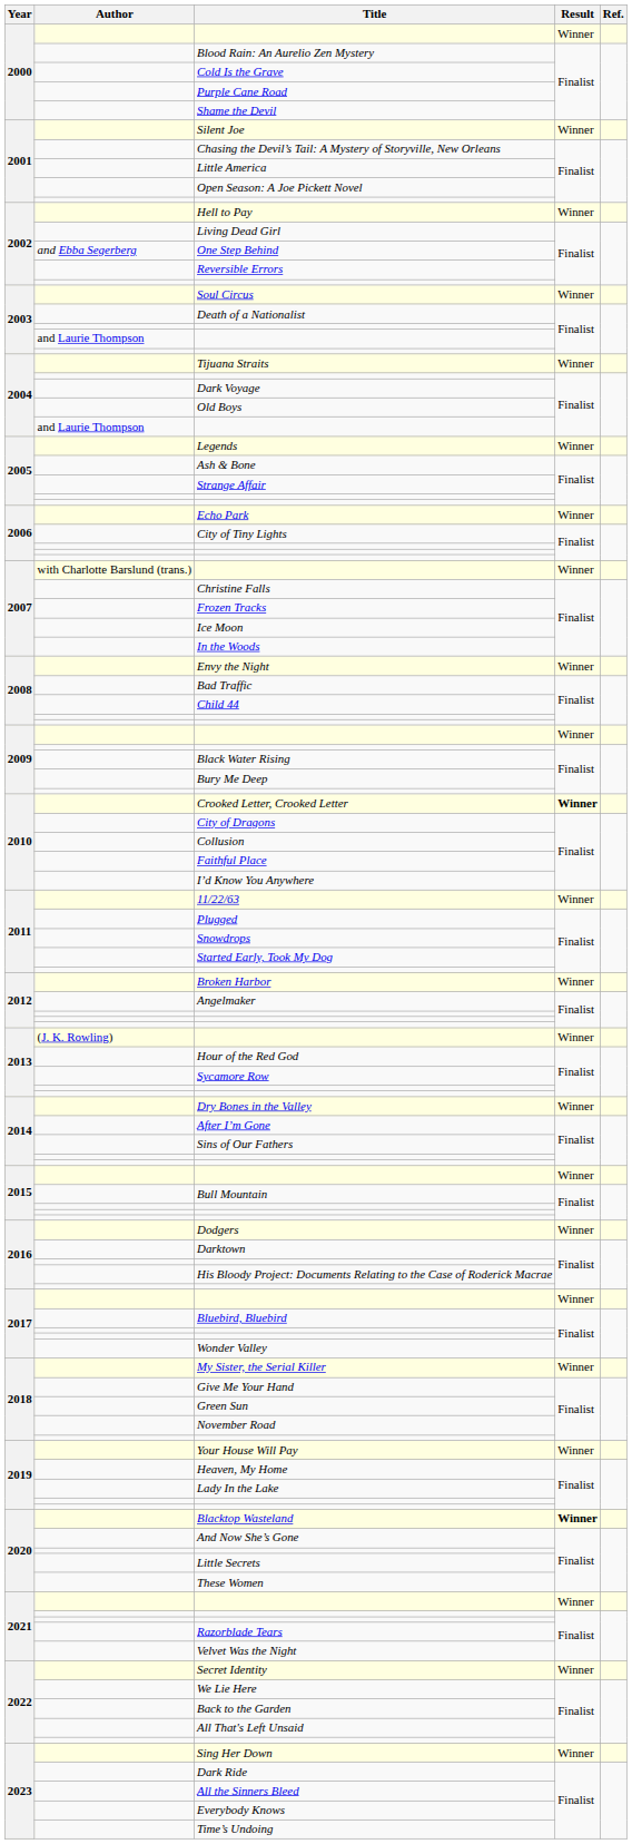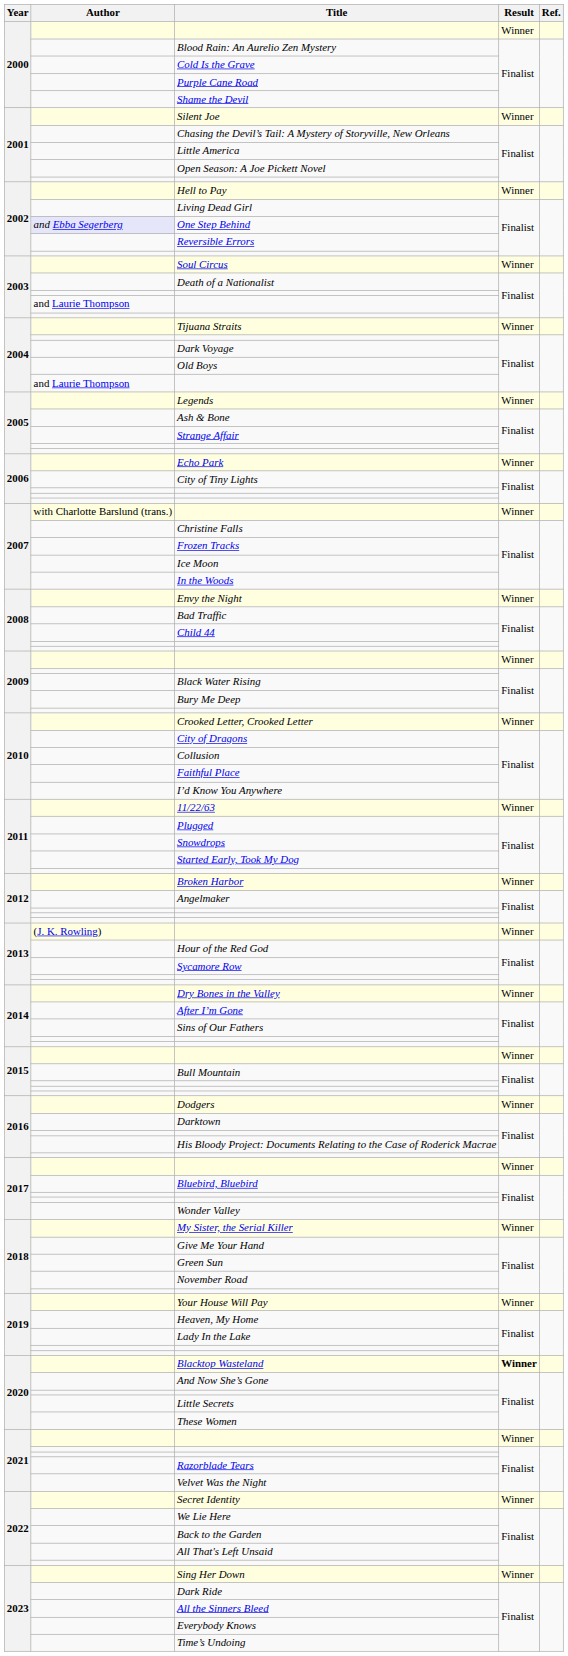 <table class="wikitable sortable mw-collapsible">
 <tr>
 <th>Year</th>
 <th>Author</th>
 <th>Title</th>
 <th>Result</th>
 <th>Ref.</th>
 </tr>
 <tr style="background:lightyellow; color:black">
 <th rowspan="5">2000</th>
 <td></td>
 <td><em></em></td>
 <td>Winner</td>
 <td></td>
 </tr>
 <tr>
 <td></td>
 <td><em>Blood Rain: An Aurelio Zen Mystery</em></td>
 <td rowspan="4">Finalist</td>
 <td rowspan="4"></td>
 </tr>
 <tr>
 <td></td>
 <td><em><a href='#'>Cold Is the Grave</a></em></td>
 </tr>
 <tr>
 <td></td>
 <td><em><a href='#'>Purple Cane Road</a></em></td>
 </tr>
 <tr>
 <td></td>
 <td><em><a href='#'>Shame the Devil</a></em></td>
 </tr>
 <tr style="background:lightyellow; color:black">
 <th rowspan="5">2001</th>
 <td></td>
 <td><em>Silent Joe</em></td>
 <td>Winner</td>
 <td></td>
 </tr>
 <tr>
 <td></td>
 <td><em>Chasing the Devil’s Tail: A Mystery of Storyville, New Orleans</em></td>
 <td rowspan="4">Finalist</td>
 <td rowspan="4"></td>
 </tr>
 <tr>
 <td></td>
 <td><em>Little America</em></td>
 </tr>
 <tr>
 <td></td>
 <td><em>Open Season: A Joe Pickett Novel</em></td>
 </tr>
 <tr>
 <td></td>
 <td><em></em></td>
 </tr>
 <tr style="background:lightyellow; color:black">
 <th rowspan="5">2002</th>
 <td></td>
 <td><em>Hell to Pay</em></td>
 <td>Winner</td>
 <td></td>
 </tr>
 <tr>
 <td></td>
 <td><em>Living Dead Girl</em></td>
 <td rowspan="4">Finalist</td>
 <td rowspan="4"></td>
 </tr>
 <tr>
-<td> <em>and <a href='#'>Ebba Segerberg</a></em></td>
+<td style="background: lavender;"> <em>and <a href='#'>Ebba Segerberg</a></em></td>
 <td><em><a href='#'>One Step Behind</a></em></td>
 </tr>
 <tr>
 <td></td>
 <td><em><a href='#'>Reversible Errors</a></em></td>
 </tr>
 <tr>
 <td></td>
 <td><em></em></td>
 </tr>
 <tr style="background:lightyellow; color:black">
 <th rowspan="5">2003</th>
 <td></td>
 <td><a href='#'><em>Soul Circus</em></a></td>
 <td>Winner</td>
 <td></td>
 </tr>
 <tr>
 <td></td>
 <td><em>Death of a Nationalist</em></td>
 <td rowspan="4">Finalist</td>
 <td rowspan="4"></td>
 </tr>
 <tr>
 <td></td>
 <td><em></em></td>
 </tr>
 <tr>
 <td> and <a href='#'>Laurie Thompson</a></td>
 <td><em></em></td>
 </tr>
 <tr>
 <td></td>
 <td><em></em></td>
 </tr>
 <tr style="background:lightyellow; color:black">
 <th rowspan="5">2004</th>
 <td></td>
 <td><em>Tijuana Straits</em></td>
 <td>Winner</td>
 <td></td>
 </tr>
 <tr>
 <td></td>
 <td><em></em></td>
 <td rowspan="4">Finalist</td>
 <td rowspan="4"></td>
 </tr>
 <tr>
 <td></td>
 <td><em>Dark Voyage</em></td>
 </tr>
 <tr>
 <td></td>
 <td><em>Old Boys</em></td>
 </tr>
 <tr>
 <td> and <a href='#'>Laurie Thompson</a></td>
 <td><em></em></td>
 </tr>
 <tr style="background:lightyellow; color:black">
 <th rowspan="5">2005</th>
 <td></td>
 <td><em>Legends</em></td>
 <td>Winner</td>
 <td></td>
 </tr>
 <tr>
 <td></td>
 <td><em>Ash & Bone</em></td>
 <td rowspan="4">Finalist</td>
 <td rowspan="4"></td>
 </tr>
 <tr>
 <td></td>
 <td><em><a href='#'>Strange Affair</a></em></td>
 </tr>
 <tr>
 <td></td>
 <td><em></em></td>
 </tr>
 <tr>
 <td></td>
 <td><em></em></td>
 </tr>
 <tr style="background:lightyellow; color:black">
 <th rowspan="5">2006</th>
 <td></td>
 <td><a href='#'><em>Echo Park</em></a></td>
 <td>Winner</td>
 <td></td>
 </tr>
 <tr>
 <td></td>
 <td><em>City of Tiny Lights</em></td>
 <td rowspan="4">Finalist</td>
 <td rowspan="4"></td>
 </tr>
 <tr>
 <td></td>
 <td><em></em></td>
 </tr>
 <tr>
 <td></td>
 <td><em></em></td>
 </tr>
 <tr>
 <td></td>
 <td><em></em></td>
 </tr>
 <tr style="background:lightyellow; color:black">
 <th rowspan="5">2007</th>
 <td> with Charlotte Barslund (trans.)</td>
 <td><em></em></td>
 <td>Winner</td>
 <td></td>
 </tr>
 <tr>
 <td></td>
 <td><em>Christine Falls</em></td>
 <td rowspan="4">Finalist</td>
 <td rowspan="4"></td>
 </tr>
 <tr>
 <td></td>
 <td><em><a href='#'>Frozen Tracks</a></em></td>
 </tr>
 <tr>
 <td></td>
 <td><em>Ice Moon</em></td>
 </tr>
 <tr>
 <td></td>
 <td><em><a href='#'>In the Woods</a></em></td>
 </tr>
 <tr style="background:lightyellow; color:black">
 <th rowspan="5">2008</th>
 <td></td>
 <td><em>Envy the Night</em></td>
 <td>Winner</td>
 <td></td>
 </tr>
 <tr>
 <td></td>
 <td><em>Bad Traffic</em></td>
 <td rowspan="4">Finalist</td>
 <td rowspan="4"></td>
 </tr>
 <tr>
 <td></td>
 <td><em><a href='#'>Child 44</a></em></td>
 </tr>
 <tr>
 <td></td>
 <td><em></em></td>
 </tr>
 <tr>
 <td></td>
 <td><em></em></td>
 </tr>
 <tr style="background:lightyellow; color:black">
 <th rowspan="5">2009</th>
 <td></td>
 <td><em></em></td>
 <td>Winner</td>
 <td></td>
 </tr>
 <tr>
 <td></td>
 <td><em></em></td>
 <td rowspan="4">Finalist</td>
 <td rowspan="4"></td>
 </tr>
 <tr>
 <td></td>
 <td><em>Black Water Rising</em></td>
 </tr>
 <tr>
 <td></td>
 <td><em>Bury Me Deep</em></td>
 </tr>
 <tr>
 <td></td>
 <td><em></em></td>
 </tr>
 <tr style="background:lightyellow; color:black">
 <th rowspan="5">2010</th>
 <td></td>
 <td><em>Crooked Letter, Crooked Letter</em></td>
-<td><strong>Winner</strong></td>
+<td>Winner</td>
 <td></td>
 </tr>
 <tr>
 <td></td>
 <td><em><a href='#'>City of Dragons</a></em></td>
 <td rowspan="4">Finalist</td>
 <td rowspan="4"></td>
 </tr>
 <tr>
 <td></td>
 <td><em>Collusion</em></td>
 </tr>
 <tr>
 <td></td>
 <td><em><a href='#'>Faithful Place</a></em></td>
 </tr>
 <tr>
 <td></td>
 <td><em>I’d Know You Anywhere</em></td>
 </tr>
 <tr style="background:lightyellow; color:black">
 <th rowspan="5">2011</th>
 <td></td>
 <td><em><a href='#'>11/22/63</a></em></td>
 <td>Winner</td>
 <td></td>
 </tr>
 <tr>
 <td></td>
 <td><a href='#'><em>Plugged</em></a></td>
 <td rowspan="4">Finalist</td>
 <td rowspan="4"></td>
 </tr>
 <tr>
 <td></td>
 <td><em><a href='#'>Snowdrops</a></em></td>
 </tr>
 <tr>
 <td></td>
 <td><em><a href='#'>Started Early, Took My Dog</a></em></td>
 </tr>
 <tr>
 <td></td>
 <td><em></em></td>
 </tr>
 <tr style="background:lightyellow; color:black">
 <th rowspan="5">2012</th>
 <td></td>
 <td><a href='#'><em>Broken Harbor</em></a></td>
 <td>Winner</td>
 <td></td>
 </tr>
 <tr>
 <td></td>
 <td><em>Angelmaker</em></td>
 <td rowspan="4">Finalist</td>
 <td rowspan="4"></td>
 </tr>
 <tr>
 <td></td>
 <td><em></em></td>
 </tr>
 <tr>
 <td></td>
 <td><em></em></td>
 </tr>
 <tr>
 <td></td>
 <td><em></em></td>
 </tr>
 <tr style="background:lightyellow; color:black">
 <th rowspan="5">2013</th>
 <td> (<a href='#'>J. K. Rowling</a>)</td>
 <td><em></em></td>
 <td>Winner</td>
 <td></td>
 </tr>
 <tr>
 <td></td>
 <td><em>Hour of the Red God</em></td>
 <td rowspan="4">Finalist</td>
 <td rowspan="4"></td>
 </tr>
 <tr>
 <td></td>
 <td><em><a href='#'>Sycamore Row</a></em></td>
 </tr>
 <tr>
 <td></td>
 <td><em></em></td>
 </tr>
 <tr>
 <td></td>
 <td><em></em></td>
 </tr>
 <tr style="background:lightyellow; color:black">
 <th rowspan="5">2014</th>
 <td></td>
 <td><em><a href='#'>Dry Bones in the Valley</a></em></td>
 <td>Winner</td>
 <td></td>
 </tr>
 <tr>
 <td></td>
 <td><em><a href='#'>After I’m Gone</a></em></td>
 <td rowspan="4">Finalist</td>
 <td rowspan="4"></td>
 </tr>
 <tr>
 <td></td>
 <td><em>Sins of Our Fathers</em></td>
 </tr>
 <tr>
 <td></td>
 <td><em></em></td>
 </tr>
 <tr>
 <td></td>
 <td><em></em></td>
 </tr>
 <tr style="background:lightyellow; color:black">
 <th rowspan="5">2015</th>
 <td></td>
 <td></td>
 <td>Winner</td>
 <td></td>
 </tr>
 <tr>
 <td></td>
 <td><em>Bull Mountain</em></td>
 <td rowspan="4">Finalist</td>
 <td rowspan="4"></td>
 </tr>
 <tr>
 <td></td>
 <td></td>
 </tr>
 <tr>
 <td></td>
 <td></td>
 </tr>
 <tr>
 <td></td>
 <td></td>
 </tr>
 <tr style="background:lightyellow; color:black">
 <th rowspan="5">2016</th>
 <td></td>
 <td><em>Dodgers</em></td>
 <td>Winner</td>
 <td></td>
 </tr>
 <tr>
 <td></td>
 <td><em>Darktown</em></td>
 <td rowspan="4">Finalist</td>
 <td rowspan="4"></td>
 </tr>
 <tr>
 <td></td>
 <td></td>
 </tr>
 <tr>
 <td></td>
 <td><em>His Bloody Project: Documents Relating to the Case of Roderick Macrae</em></td>
 </tr>
 <tr>
 <td></td>
 <td></td>
 </tr>
 <tr style="background:lightyellow; color:black">
 <th rowspan="5">2017</th>
 <td></td>
 <td></td>
 <td>Winner</td>
 <td></td>
 </tr>
 <tr>
 <td></td>
 <td><em><a href='#'>Bluebird, Bluebird</a></em></td>
 <td rowspan="4">Finalist</td>
 <td rowspan="4"></td>
 </tr>
 <tr>
 <td></td>
 <td></td>
 </tr>
 <tr>
 <td></td>
 <td></td>
 </tr>
 <tr>
 <td></td>
 <td><em>Wonder Valley</em></td>
 </tr>
 <tr style="background:lightyellow; color:black">
 <th rowspan="5">2018</th>
 <td></td>
 <td><em><a href='#'>My Sister, the Serial Killer</a></em></td>
 <td>Winner</td>
 <td></td>
 </tr>
 <tr>
 <td></td>
 <td><em>Give Me Your Hand</em></td>
 <td rowspan="4">Finalist</td>
 <td rowspan="4"></td>
 </tr>
 <tr>
 <td></td>
 <td><em>Green Sun</em></td>
 </tr>
 <tr>
 <td></td>
 <td><em>November Road</em></td>
 </tr>
 <tr>
 <td></td>
 <td></td>
 </tr>
 <tr style="background:lightyellow; color:black">
 <th rowspan="5">2019</th>
 <td></td>
 <td><em>Your House Will Pay</em></td>
 <td>Winner</td>
 <td></td>
 </tr>
 <tr>
 <td></td>
 <td><em>Heaven, My Home</em></td>
 <td rowspan="4">Finalist</td>
 <td rowspan="4"></td>
 </tr>
 <tr>
 <td></td>
 <td><em>Lady In the Lake</em></td>
 </tr>
 <tr>
 <td></td>
 <td></td>
 </tr>
 <tr>
 <td></td>
 <td></td>
 </tr>
 <tr style="background:lightyellow; color:black">
 <th rowspan="5">2020</th>
 <td></td>
 <td><em><a href='#'>Blacktop Wasteland</a></em></td>
 <td><strong>Winner</strong></td>
 <td></td>
 </tr>
 <tr>
 <td></td>
 <td><em>And Now She’s Gone</em></td>
 <td rowspan="4">Finalist</td>
 <td rowspan="4"></td>
 </tr>
 <tr>
 <td></td>
 <td></td>
 </tr>
 <tr>
 <td></td>
 <td><em>Little Secrets</em></td>
 </tr>
 <tr>
 <td></td>
 <td><em>These Women</em></td>
 </tr>
 <tr style="background:lightyellow; color:black">
 <th rowspan="5">2021</th>
 <td></td>
 <td></td>
 <td>Winner</td>
 <td></td>
 </tr>
 <tr>
 <td></td>
 <td></td>
 <td rowspan="4">Finalist</td>
 <td rowspan="4"></td>
 </tr>
 <tr>
 <td></td>
 <td></td>
 </tr>
 <tr>
 <td></td>
 <td><em><a href='#'>Razorblade Tears</a></em></td>
 </tr>
 <tr>
 <td></td>
 <td><em>Velvet Was the Night</em></td>
 </tr>
 <tr style="background:lightyellow; color:black">
 <th rowspan="5">2022</th>
 <td></td>
 <td><em>Secret Identity</em></td>
 <td>Winner</td>
 <td></td>
 </tr>
 <tr>
 <td></td>
 <td><em>We Lie Here</em></td>
 <td rowspan="4">Finalist</td>
 <td rowspan="4"></td>
 </tr>
 <tr>
 <td></td>
 <td><em>Back to the Garden</em></td>
 </tr>
 <tr>
 <td></td>
 <td><em>All That's Left Unsaid</em></td>
 </tr>
 <tr>
 <td></td>
 <td><em></em></td>
 </tr>
 <tr style="background:lightyellow;">
 <th rowspan="5">2023</th>
 <td></td>
 <td><em>Sing Her Down</em></td>
 <td>Winner</td>
 <td></td>
 </tr>
 <tr>
 <td></td>
 <td><em>Dark Ride</em></td>
 <td rowspan="4">Finalist</td>
 <td rowspan="4"></td>
 </tr>
 <tr>
 <td></td>
 <td><em><a href='#'>All the Sinners Bleed</a></em></td>
 </tr>
 <tr>
 <td></td>
 <td><em>Everybody Knows</em></td>
 </tr>
 <tr>
 <td></td>
 <td><em>Time’s Undoing</em></td>
 </tr>
 </table>
